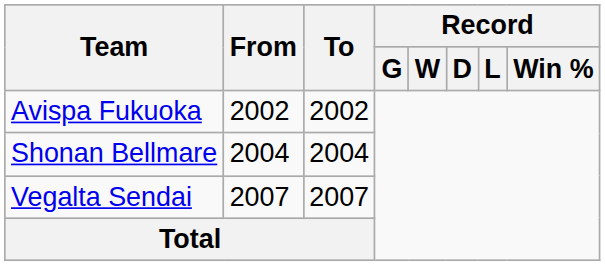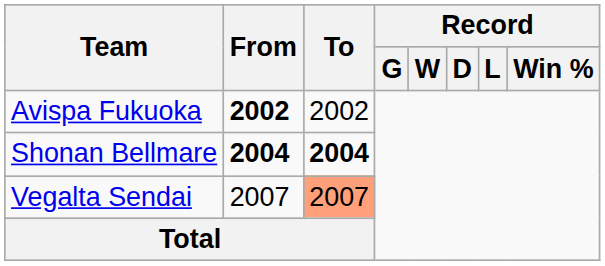 <table class="wikitable" style="text-align: center">
 <tr>
 <th rowspan="2">Team</th>
 <th rowspan="2">From</th>
 <th rowspan="2">To</th>
 <th colspan="5">Record</th>
 </tr>
 <tr>
 <th>G</th>
 <th>W</th>
 <th>D</th>
 <th>L</th>
 <th>Win %</th>
 </tr>
 <tr>
 <td align="left"><a href='#'>Avispa Fukuoka</a></td>
-<td align="left">2002</td>
+<td align="left"><strong>2002</strong></td>
 <td align="left">2002<br></td>
 </tr>
 <tr>
 <td align="left"><a href='#'>Shonan Bellmare</a></td>
-<td align="left">2004</td>
-<td align="left">2004<br></td>
+<td align="left"><strong>2004</strong></td>
+<td align="left"><strong>2004<br></strong></td>
 </tr>
 <tr>
 <td align="left"><a href='#'>Vegalta Sendai</a></td>
 <td align="left">2007</td>
-<td align="left">2007<br></td>
+<td align="left" style="background: lightsalmon;">2007<br></td>
 </tr>
 <tr>
 <th colspan="3">Total<br></th>
 </tr>
 </table>
